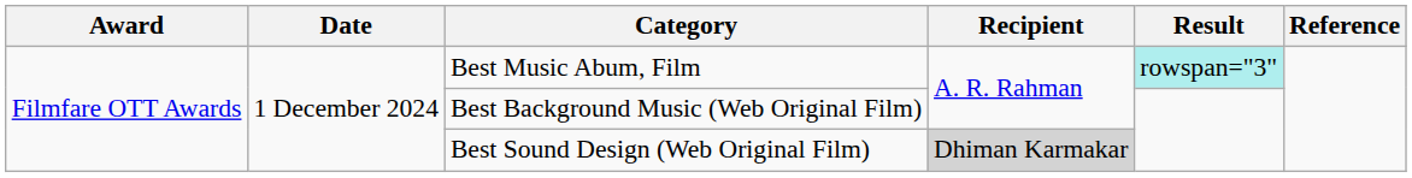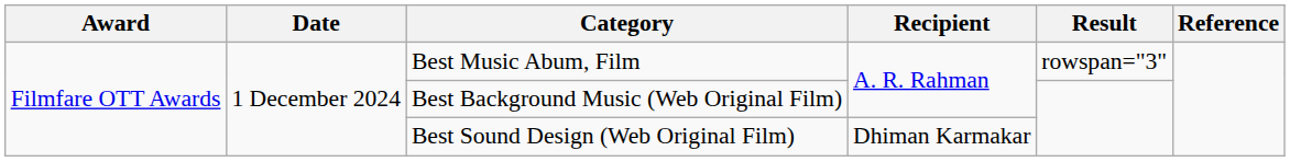 <table class="wikitable">
 <tr>
 <th>Award</th>
 <th>Date</th>
 <th>Category</th>
 <th>Recipient</th>
 <th>Result</th>
 <th>Reference</th>
 </tr>
 <tr>
 <td rowspan="3"><a href='#'>Filmfare OTT Awards</a></td>
 <td rowspan="3">1 December 2024</td>
 <td>Best Music Abum, Film</td>
 <td rowspan="2"><a href='#'>A. R. Rahman</a></td>
-<td style="background: paleturquoise;">rowspan="3" </td>
+<td>rowspan="3" </td>
 <td rowspan="3" style="text-align:center;"></td>
 </tr>
 <tr>
 <td>Best Background Music (Web Original Film)</td>
 </tr>
 <tr>
 <td>Best Sound Design (Web Original Film)</td>
-<td style="background: lightgrey;">Dhiman Karmakar</td>
+<td>Dhiman Karmakar</td>
 </tr>
 </table>
